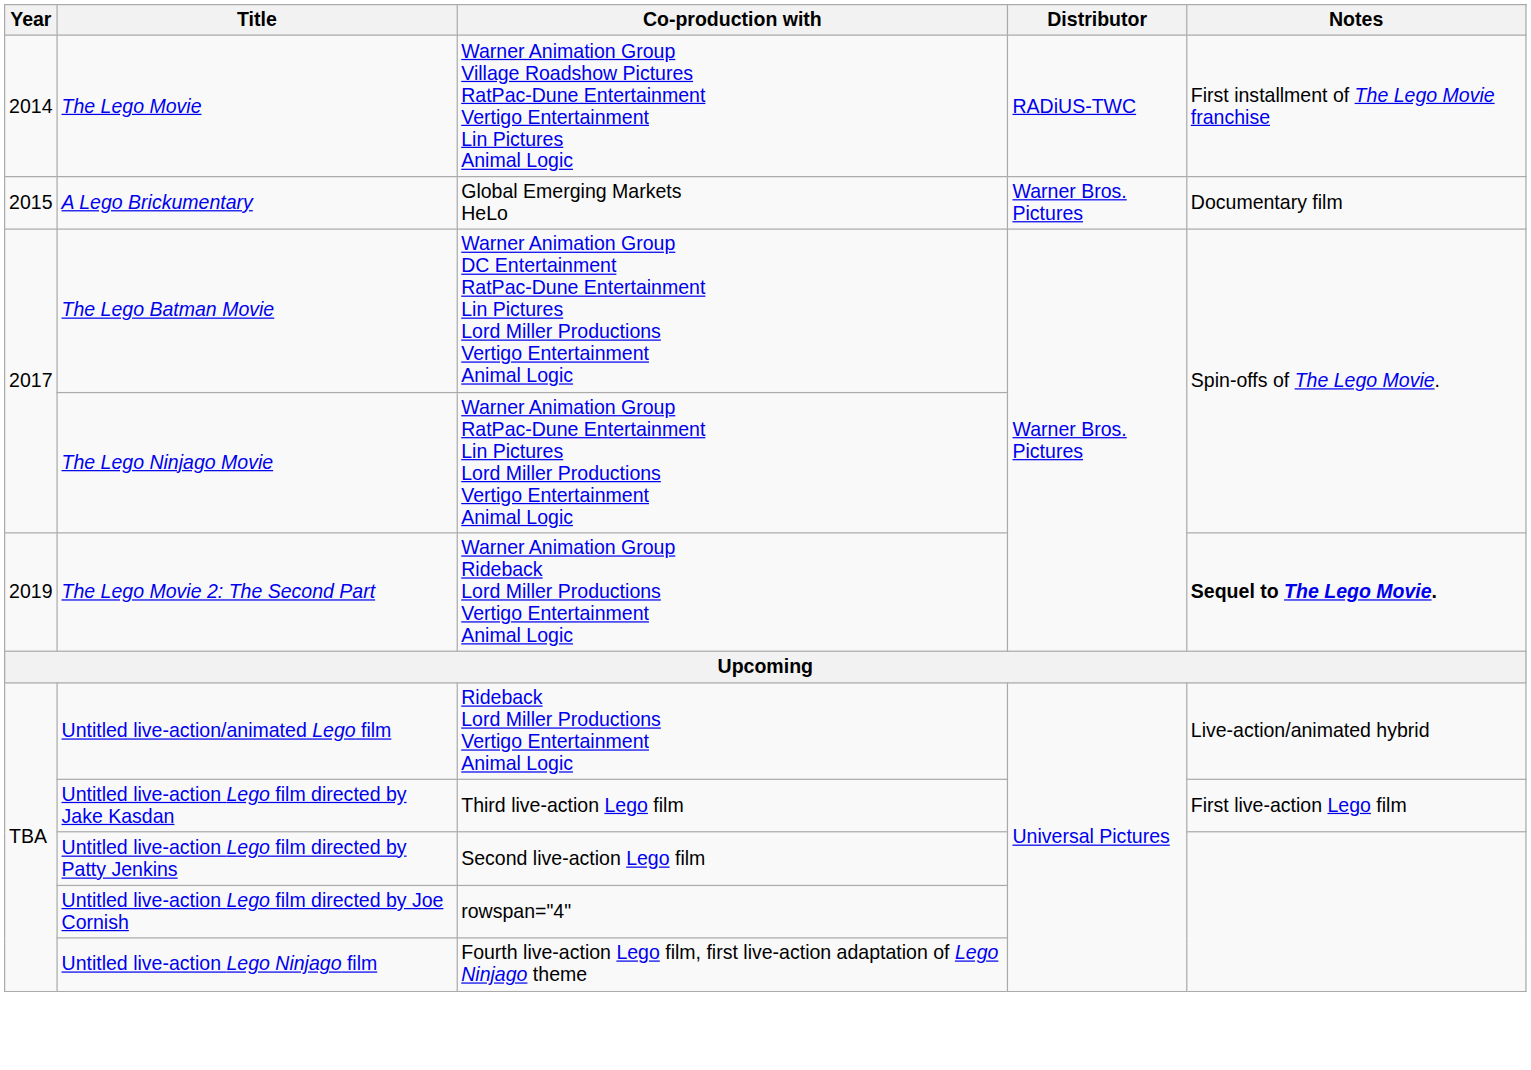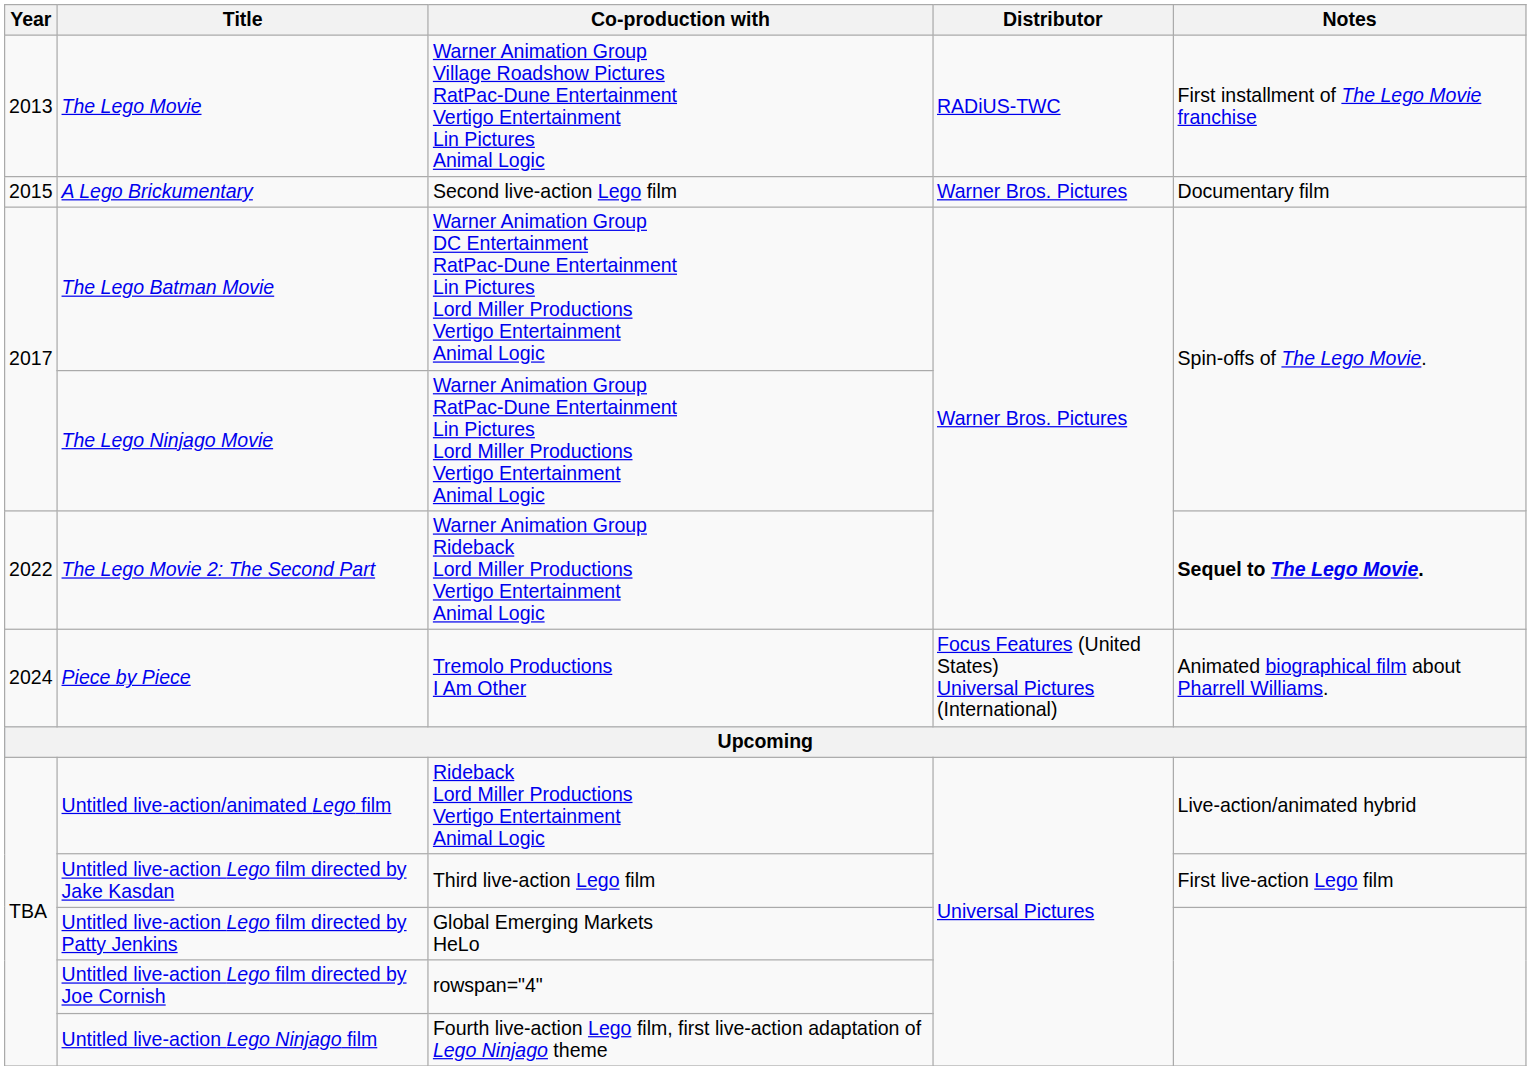 <table class="wikitable">
 <tr>
 <th>Year</th>
 <th>Title</th>
 <th>Co-production with</th>
 <th>Distributor</th>
 <th>Notes</th>
 </tr>
 <tr>
-<td>2014</td>
+<td>2013</td>
 <td><em><a href='#'>The Lego Movie</a></em></td>
 <td><a href='#'>Warner Animation Group</a><br><a href='#'>Village Roadshow Pictures</a><br><a href='#'>RatPac-Dune Entertainment</a><br><a href='#'>Vertigo Entertainment</a><br><a href='#'>Lin Pictures</a><br><a href='#'>Animal Logic</a></td>
 <td><a href='#'>RADiUS-TWC</a></td>
 <td>First installment of <a href='#'><em>The Lego Movie</em> franchise</a></td>
 </tr>
 <tr>
 <td>2015</td>
 <td><em><a href='#'>A Lego Brickumentary</a></em></td>
-<td>Global Emerging Markets<br>HeLo</td>
+<td>Second live-action <a href='#'>Lego</a> film</td>
 <td><a href='#'>Warner Bros. Pictures</a></td>
 <td>Documentary film</td>
 </tr>
 <tr>
 <td rowspan="2">2017</td>
 <td><em><a href='#'>The Lego Batman Movie</a></em></td>
 <td><a href='#'>Warner Animation Group</a><br><a href='#'>DC Entertainment</a><br><a href='#'>RatPac-Dune Entertainment</a><br><a href='#'>Lin Pictures</a><br><a href='#'>Lord Miller Productions</a><br><a href='#'>Vertigo Entertainment</a><br><a href='#'>Animal Logic</a></td>
 <td rowspan="3"><a href='#'>Warner Bros. Pictures</a></td>
 <td rowspan="2">Spin-offs of <em><a href='#'>The Lego Movie</a></em>.</td>
 </tr>
 <tr>
 <td><em><a href='#'>The Lego Ninjago Movie</a></em></td>
 <td><a href='#'>Warner Animation Group</a><br><a href='#'>RatPac-Dune Entertainment</a><br><a href='#'>Lin Pictures</a><br><a href='#'>Lord Miller Productions</a><br><a href='#'>Vertigo Entertainment</a><br><a href='#'>Animal Logic</a></td>
 </tr>
 <tr>
-<td>2019</td>
+<td>2022</td>
 <td><em><a href='#'>The Lego Movie 2: The Second Part</a></em></td>
 <td><a href='#'>Warner Animation Group</a><br><a href='#'>Rideback</a><br><a href='#'>Lord Miller Productions</a><br><a href='#'>Vertigo Entertainment</a><br><a href='#'>Animal Logic</a></td>
 <td><strong>Sequel to <em><a href='#'>The Lego Movie</a></em>.</strong></td>
+</tr>
+<tr>
+<td>2024</td>
+<td><em><a href='#'>Piece by Piece</a></em></td>
+<td><a href='#'>Tremolo Productions</a><br><a href='#'>I Am Other</a></td>
+<td><a href='#'>Focus Features</a> (United States)<br><a href='#'>Universal Pictures</a> (International)</td>
+<td>Animated <a href='#'>biographical film</a> about <a href='#'>Pharrell Williams</a>.</td>
 </tr>
 <tr style="background:#b0c4de;">
 <th colspan="5">Upcoming</th>
 </tr>
 <tr>
 <td rowspan="5">TBA</td>
 <td><a href='#'>Untitled live-action/animated <em>Lego</em> film</a></td>
 <td><a href='#'>Rideback</a><br><a href='#'>Lord Miller Productions</a><br><a href='#'>Vertigo Entertainment</a><br><a href='#'>Animal Logic</a></td>
 <td rowspan="5"><a href='#'>Universal Pictures</a></td>
 <td>Live-action/animated hybrid</td>
 </tr>
 <tr>
 <td><a href='#'>Untitled live-action <em>Lego</em> film directed by Jake Kasdan</a></td>
 <td>Third live-action <a href='#'>Lego</a> film</td>
 <td>First live-action <a href='#'>Lego</a> film</td>
 </tr>
 <tr>
 <td><a href='#'>Untitled live-action <em>Lego</em> film directed by Patty Jenkins</a></td>
-<td>Second live-action <a href='#'>Lego</a> film</td>
+<td>Global Emerging Markets<br>HeLo</td>
 </tr>
 <tr>
 <td><a href='#'>Untitled live-action <em>Lego</em> film directed by Joe Cornish</a></td>
 <td>rowspan="4" </td>
 </tr>
 <tr>
 <td><a href='#'>Untitled live-action <em>Lego Ninjago</em> film</a></td>
 <td>Fourth live-action <a href='#'>Lego</a> film, first live-action adaptation of <em><a href='#'>Lego Ninjago</a></em> theme</td>
 </tr>
 </table>
